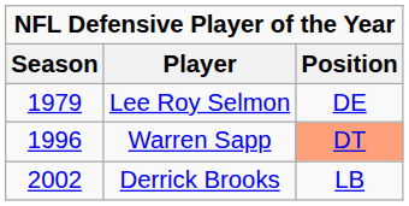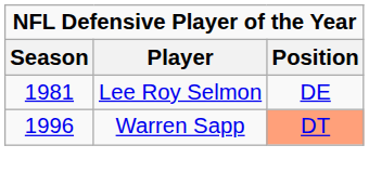 <table class="wikitable" style="text-align:center">
 <tr>
 <td colspan="3"><strong>NFL Defensive Player of the Year</strong></td>
 </tr>
 <tr>
 <th>Season</th>
 <th>Player</th>
 <th>Position</th>
 </tr>
 <tr>
-<td><a href='#'>1979</a></td>
+<td><a href='#'>1981</a></td>
 <td><a href='#'>Lee Roy Selmon</a></td>
 <td><a href='#'>DE</a></td>
 </tr>
 <tr>
 <td><a href='#'>1996</a></td>
 <td><a href='#'>Warren Sapp</a></td>
 <td style="background: lightsalmon;"><a href='#'>DT</a></td>
 </tr>
-<tr>
-<td><a href='#'>2002</a></td>
-<td><a href='#'>Derrick Brooks</a></td>
-<td><a href='#'>LB</a></td>
-</tr>
 </table>
